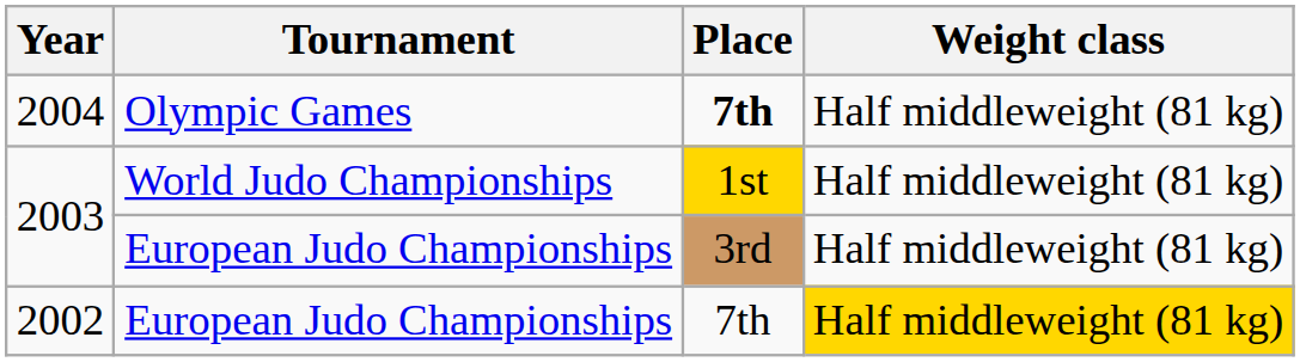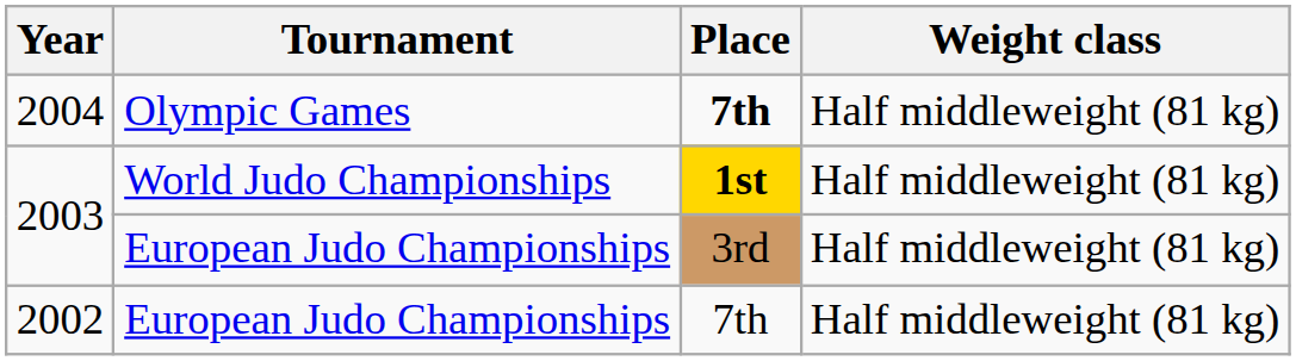 <table class=wikitable>
 <tr>
 <th>Year</th>
 <th>Tournament</th>
 <th>Place</th>
 <th>Weight class</th>
 </tr>
 <tr>
 <td>2004</td>
 <td><a href='#'>Olympic Games</a></td>
 <td align="center"><strong>7th</strong></td>
 <td>Half middleweight (81 kg)</td>
 </tr>
 <tr>
 <td rowspan=2>2003</td>
 <td><a href='#'>World Judo Championships</a></td>
-<td bgcolor="gold" align="center">1st</td>
+<td bgcolor="gold" align="center"><strong>1st</strong></td>
 <td>Half middleweight (81 kg)</td>
 </tr>
 <tr>
 <td><a href='#'>European Judo Championships</a></td>
 <td bgcolor="cc9966" align="center">3rd</td>
 <td>Half middleweight (81 kg)</td>
 </tr>
 <tr>
 <td>2002</td>
 <td><a href='#'>European Judo Championships</a></td>
 <td align="center">7th</td>
-<td style="background: gold;">Half middleweight (81 kg)</td>
+<td>Half middleweight (81 kg)</td>
 </tr>
 </table>
